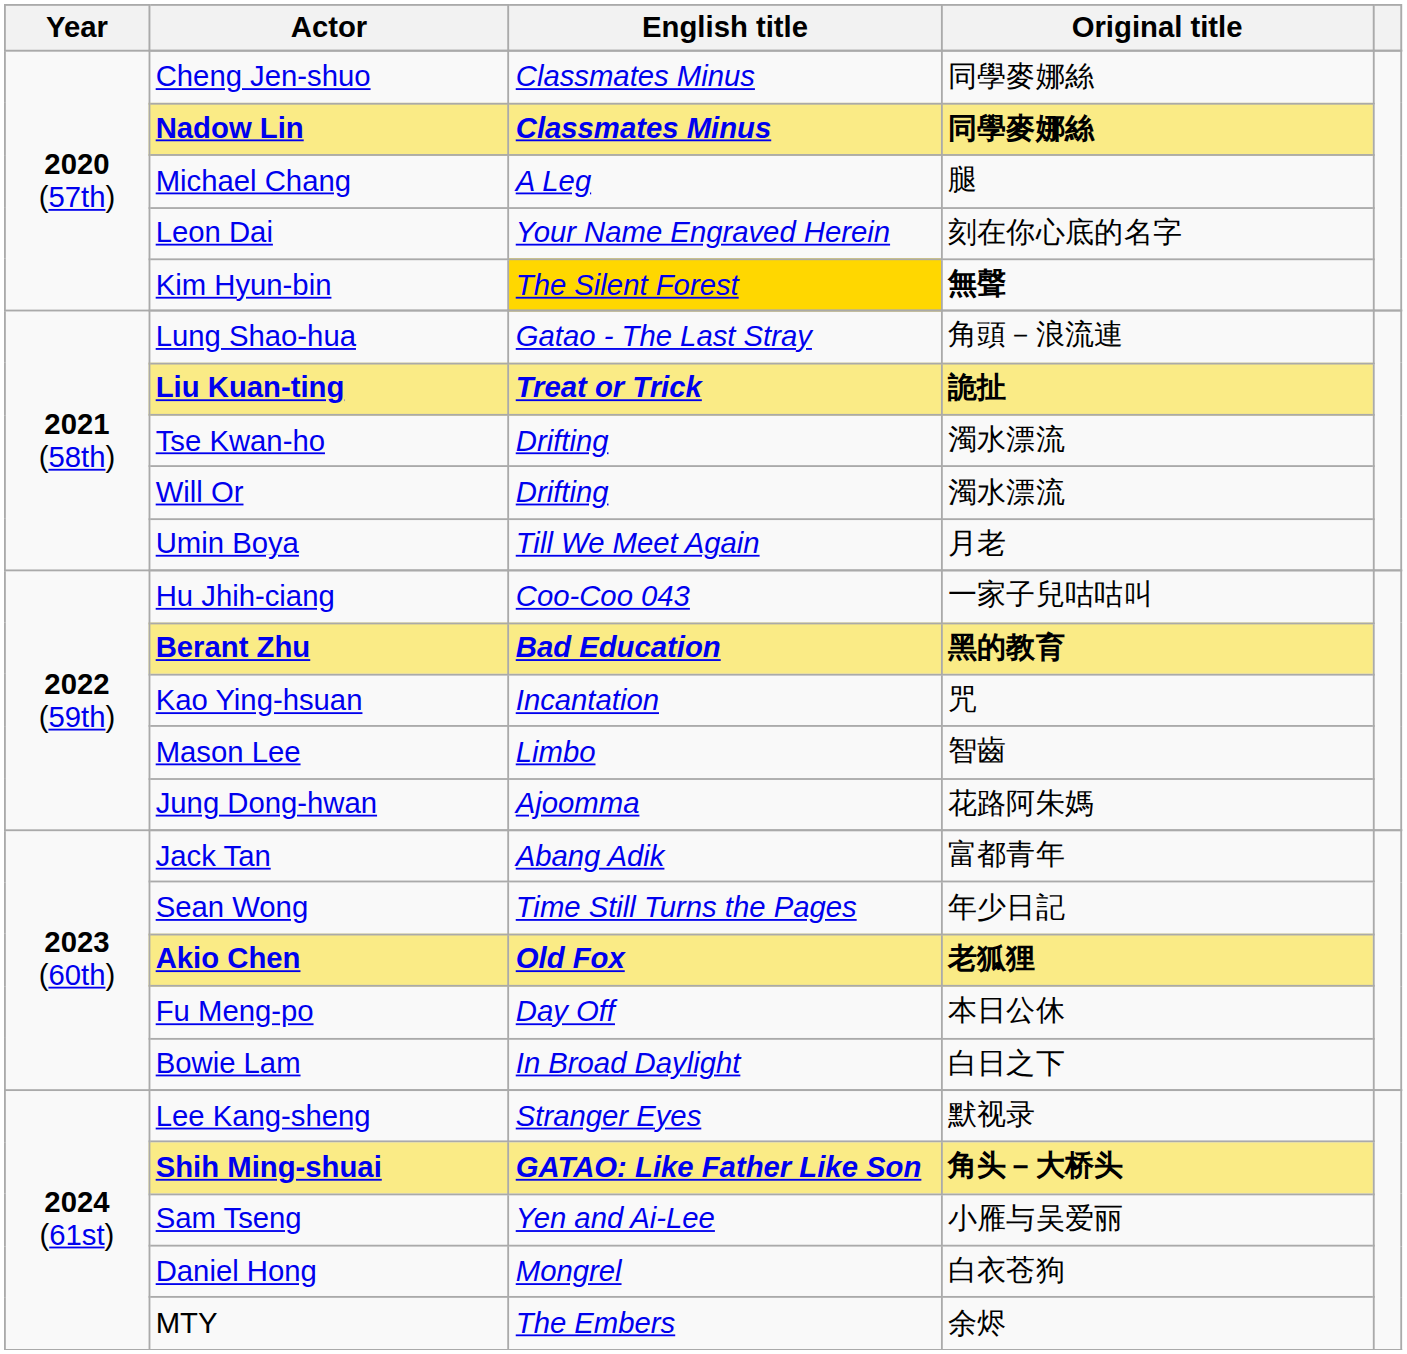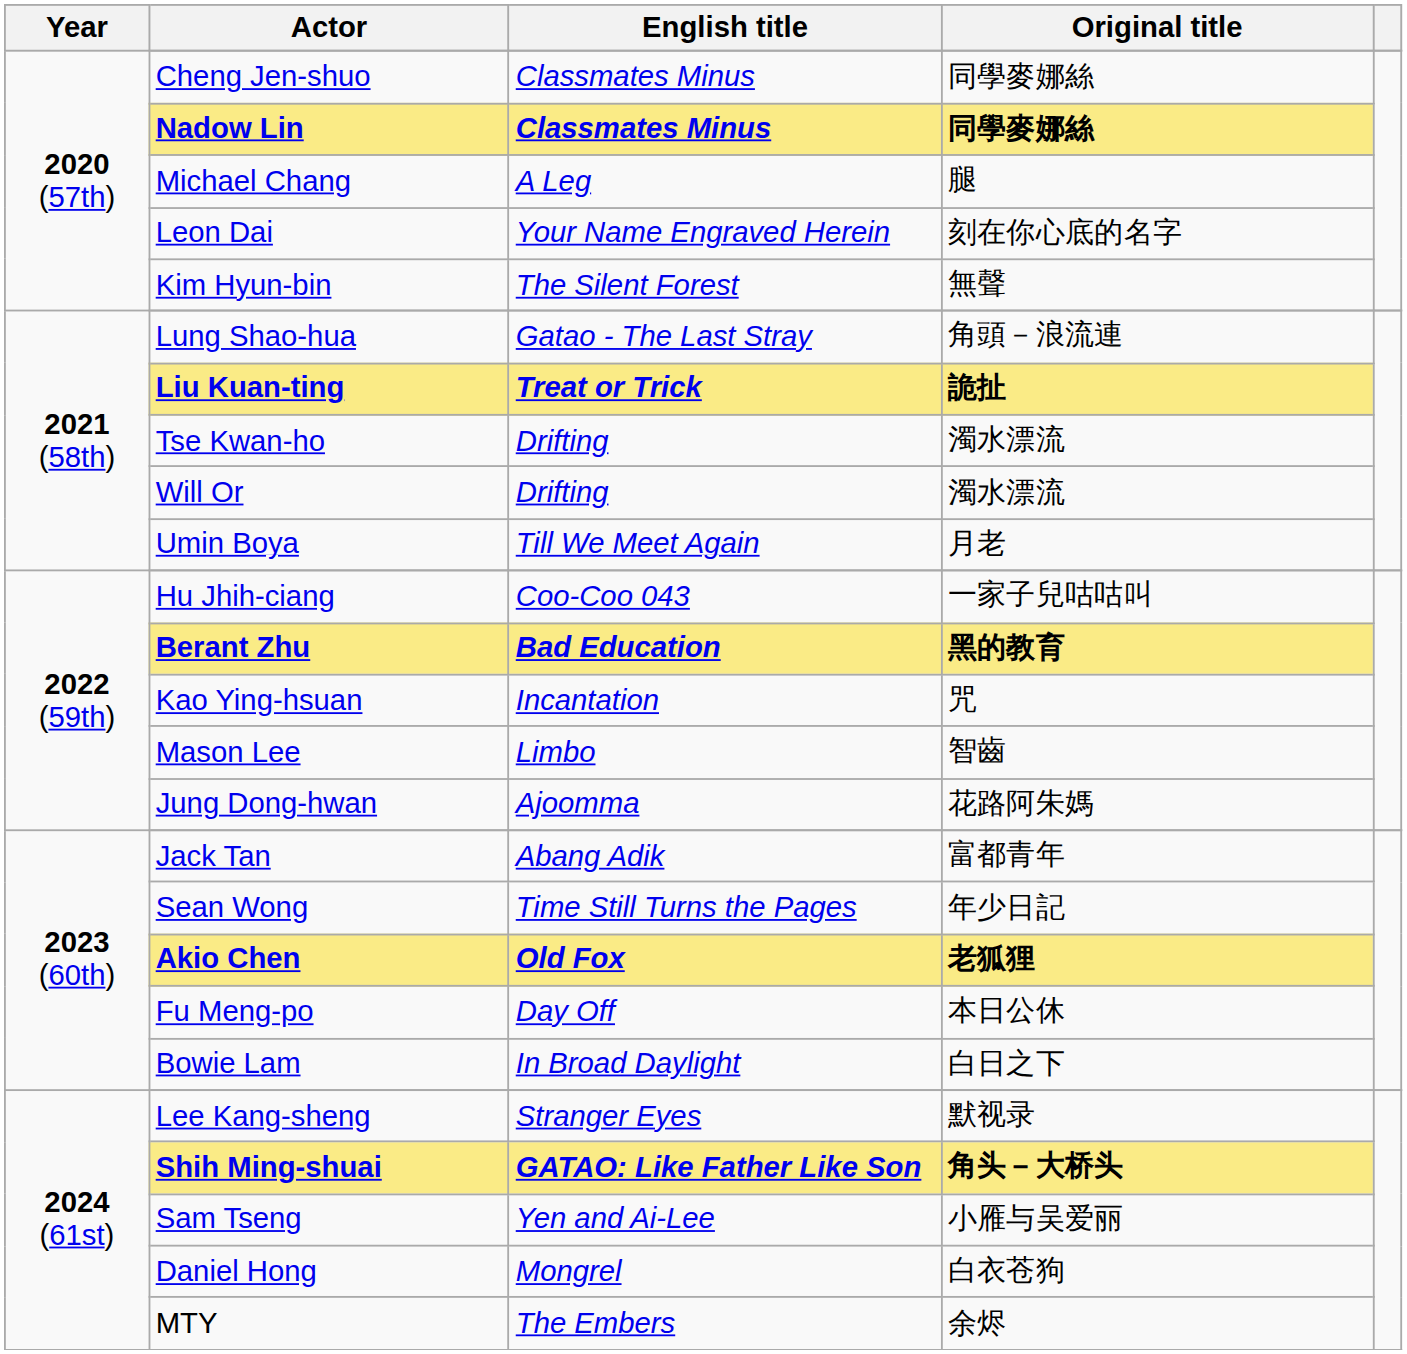 <table class="wikitable">
 <tr style="background:#bebebe;">
 <th style="width:10%;">Year</th>
 <th style="width:25%;">Actor</th>
 <th style="width:30%;">English title</th>
 <th style="width:30%;">Original title</th>
 <th style="width:2%;"></th>
 </tr>
 <tr>
 <td rowspan="6" style="text-align:center"><strong>2020</strong><br>(<a href='#'>57th</a>)</td>
 </tr>
 <tr>
 <td><a href='#'>Cheng Jen-shuo</a></td>
 <td><em><a href='#'>Classmates Minus</a></em></td>
 <td>同學麥娜絲</td>
 <td rowspan=5></td>
 </tr>
 <tr style="background:#FAEB86">
 <td><strong><a href='#'>Nadow Lin</a></strong></td>
 <td><strong><em><a href='#'>Classmates Minus</a></em></strong></td>
 <td><strong>同學麥娜絲</strong></td>
 </tr>
 <tr>
 <td><a href='#'>Michael Chang</a></td>
 <td><em><a href='#'>A Leg</a></em></td>
 <td>腿</td>
 </tr>
 <tr>
 <td><a href='#'>Leon Dai</a></td>
 <td><em><a href='#'>Your Name Engraved Herein</a></em></td>
 <td>刻在你心底的名字</td>
 </tr>
 <tr>
 <td><a href='#'>Kim Hyun-bin</a></td>
-<td style="background: gold;"><em><a href='#'>The Silent Forest</a></em></td>
-<td><strong>無聲</strong></td>
+<td><em><a href='#'>The Silent Forest</a></em></td>
+<td>無聲</td>
 </tr>
 <tr>
 <td rowspan="6" style="text-align:center"><strong>2021</strong><br>(<a href='#'>58th</a>)</td>
 </tr>
 <tr>
 <td><a href='#'>Lung Shao-hua</a></td>
 <td><em><a href='#'>Gatao - The Last Stray</a></em></td>
 <td>角頭－浪流連</td>
 <td rowspan=5></td>
 </tr>
 <tr style="background:#FAEB86">
 <td><strong><a href='#'>Liu Kuan-ting</a></strong></td>
 <td><strong><em><a href='#'>Treat or Trick</a></em></strong></td>
 <td><strong>詭扯</strong></td>
 </tr>
 <tr>
 <td><a href='#'>Tse Kwan-ho</a></td>
 <td><em><a href='#'>Drifting</a></em></td>
 <td>濁水漂流</td>
 </tr>
 <tr>
 <td><a href='#'>Will Or</a></td>
 <td><em><a href='#'>Drifting</a></em></td>
 <td>濁水漂流</td>
 </tr>
 <tr>
 <td><a href='#'>Umin Boya</a></td>
 <td><em><a href='#'>Till We Meet Again</a></em></td>
 <td>月老</td>
 </tr>
 <tr>
 <td rowspan="6" style="text-align:center"><strong>2022</strong><br>(<a href='#'>59th</a>)</td>
 </tr>
 <tr>
 <td><a href='#'>Hu Jhih-ciang</a></td>
 <td><em><a href='#'>Coo-Coo 043</a></em></td>
 <td>一家子兒咕咕叫</td>
 <td rowspan=5></td>
 </tr>
 <tr style="background:#FAEB86">
 <td><strong><a href='#'>Berant Zhu</a></strong></td>
 <td><strong><em><a href='#'>Bad Education</a></em></strong></td>
 <td><strong>黑的教育</strong></td>
 </tr>
 <tr>
 <td><a href='#'>Kao Ying-hsuan</a></td>
 <td><em><a href='#'>Incantation</a></em></td>
 <td>咒</td>
 </tr>
 <tr>
 <td><a href='#'>Mason Lee</a></td>
 <td><em><a href='#'>Limbo</a></em></td>
 <td>智齒</td>
 </tr>
 <tr>
 <td><a href='#'>Jung Dong-hwan</a></td>
 <td><em><a href='#'>Ajoomma</a></em></td>
 <td>花路阿朱媽</td>
 </tr>
 <tr>
 <td rowspan="6" style="text-align:center"><strong>2023</strong><br>(<a href='#'>60th</a>)</td>
 </tr>
 <tr>
 <td><a href='#'>Jack Tan</a></td>
 <td><em><a href='#'>Abang Adik</a></em></td>
 <td>富都青年</td>
 <td rowspan=5></td>
 </tr>
 <tr>
 <td><a href='#'>Sean Wong</a></td>
 <td><em><a href='#'>Time Still Turns the Pages</a></em></td>
 <td>年少日記</td>
 </tr>
 <tr style="background:#FAEB86">
 <td><strong><a href='#'>Akio Chen</a></strong></td>
 <td><strong><em><a href='#'>Old Fox</a></em></strong></td>
 <td><strong>老狐狸</strong></td>
 </tr>
 <tr>
 <td><a href='#'>Fu Meng-po</a></td>
 <td><em><a href='#'>Day Off</a></em></td>
 <td>本日公休</td>
 </tr>
 <tr>
 <td><a href='#'>Bowie Lam</a></td>
 <td><em><a href='#'>In Broad Daylight</a></em></td>
 <td>白日之下</td>
 </tr>
 <tr>
 <td rowspan="6" style="text-align:center"><strong>2024</strong><br>(<a href='#'>61st</a>)</td>
 </tr>
 <tr>
 <td><a href='#'>Lee Kang-sheng</a></td>
 <td><em><a href='#'>Stranger Eyes</a></em></td>
 <td>默视录</td>
 <td rowspan=5></td>
 </tr>
 <tr style="background:#FAEB86">
 <td><strong><a href='#'>Shih Ming-shuai</a></strong></td>
 <td><strong><em><a href='#'>GATAO: Like Father Like Son</a></em></strong></td>
 <td><strong>角头－大桥头</strong></td>
 </tr>
 <tr>
 <td><a href='#'>Sam Tseng</a></td>
 <td><em><a href='#'>Yen and Ai-Lee</a></em></td>
 <td>小雁与吴爱丽</td>
 </tr>
 <tr>
 <td><a href='#'>Daniel Hong</a></td>
 <td><em><a href='#'>Mongrel</a></em></td>
 <td>白衣苍狗</td>
 </tr>
 <tr>
 <td>MTY</td>
 <td><em><a href='#'>The Embers</a></em></td>
 <td>余烬</td>
 </tr>
 <tr>
 </tr>
 </table>
